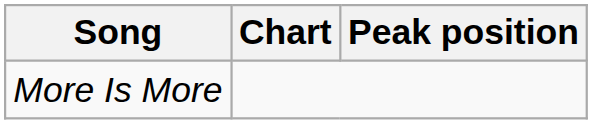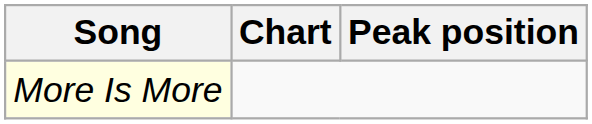 <table class="wikitable sortable" border="1">
 <tr>
 <th>Song</th>
 <th>Chart</th>
 <th>Peak position</th>
 </tr>
 <tr>
-<td><em>More Is More</em><br></td>
+<td style="background: lightyellow;"><em>More Is More</em><br></td>
 </tr>
 </table>
